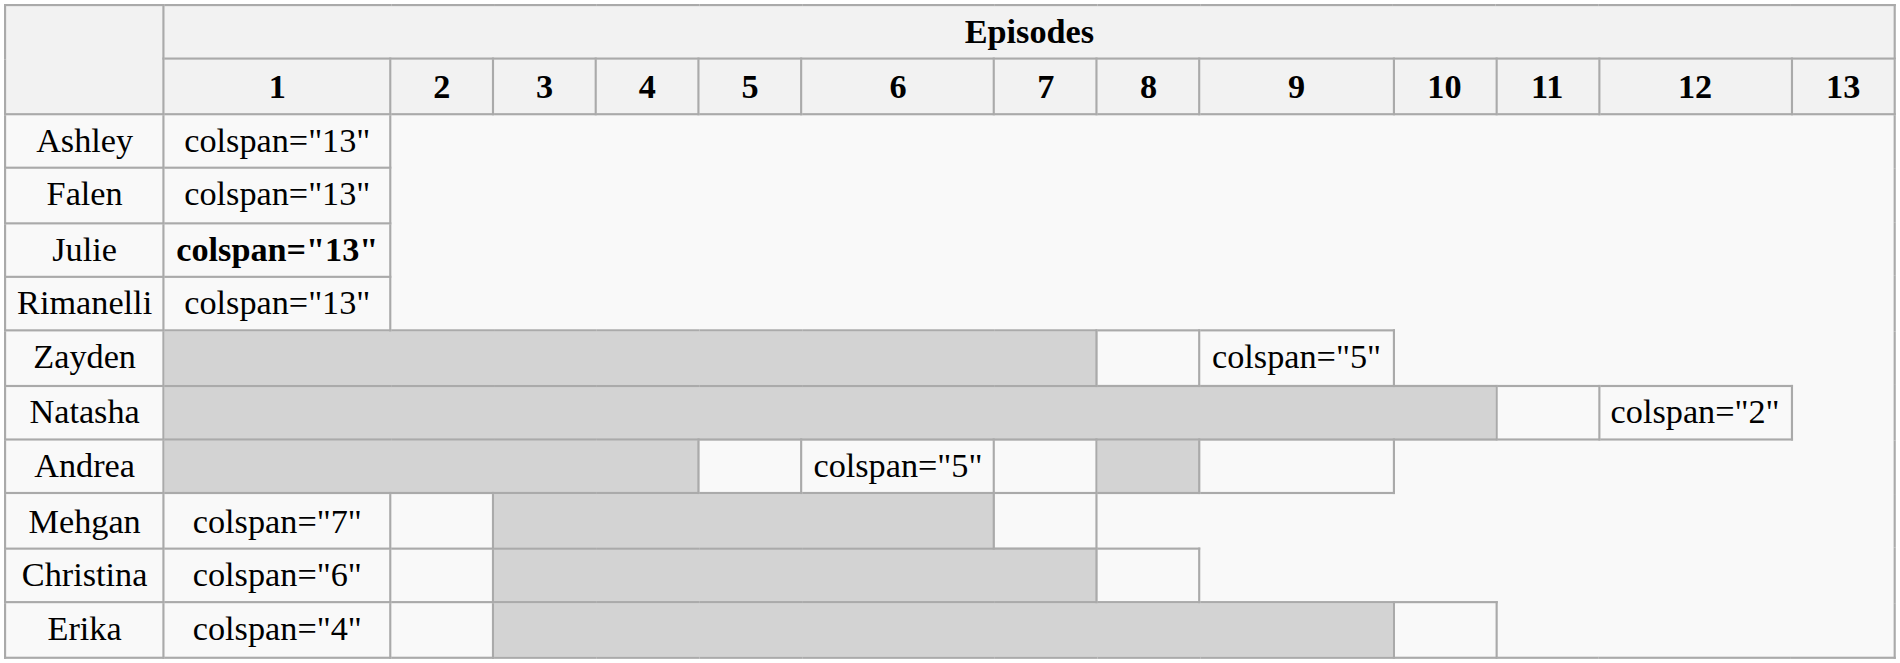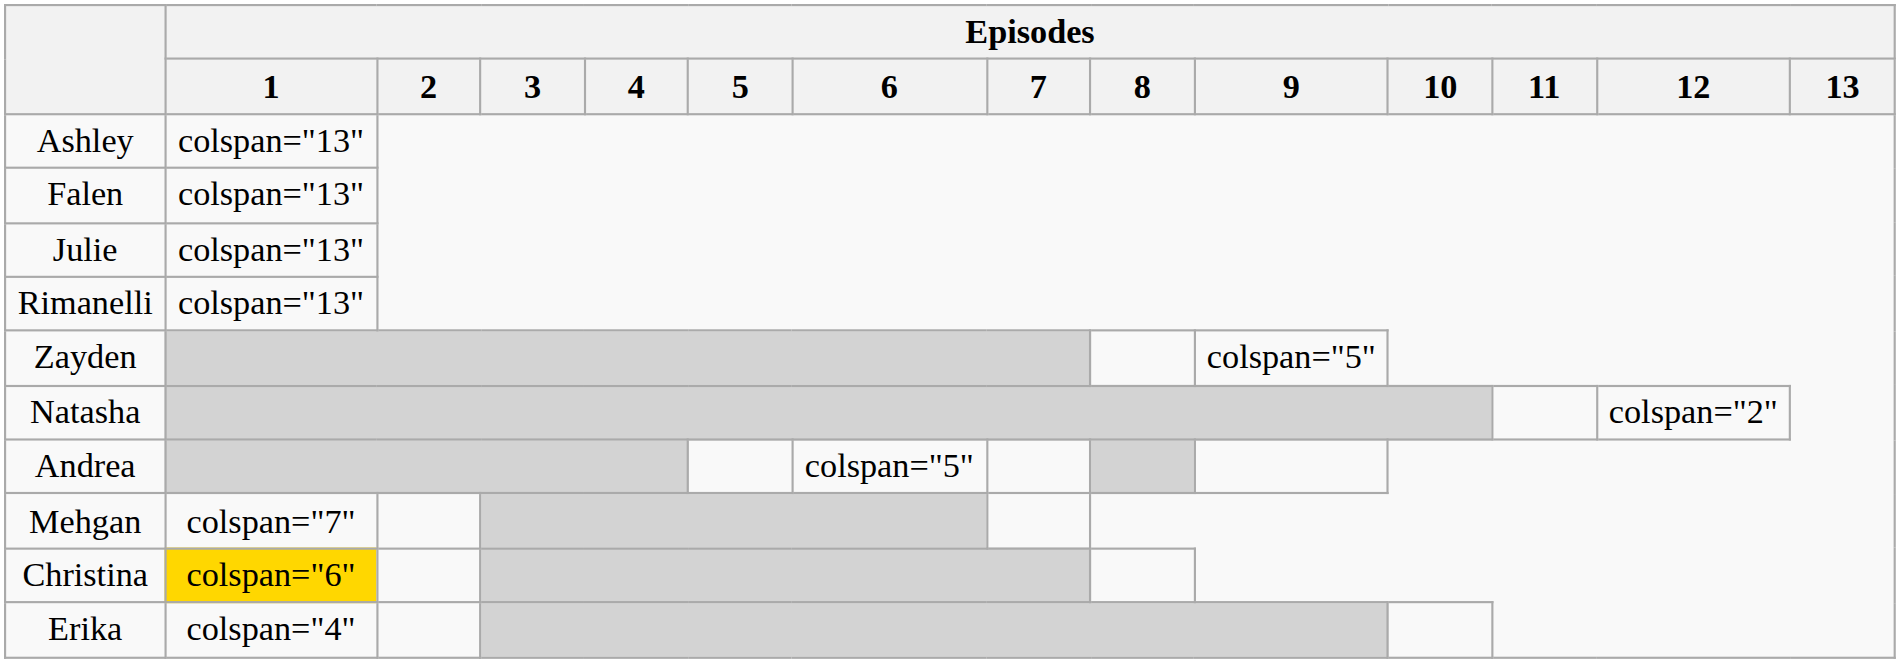 <table class="wikitable plainrowheaders" style="text-align:center; width:100%;">
 <tr>
 <th scope="col" rowspan="2" style="width:5%;"></th>
 <th scope="col" colspan="13">Episodes</th>
 </tr>
 <tr>
 <th scope="col" style="width:5%;">1</th>
 <th scope="col" style="width:5%;">2</th>
 <th scope="col" style="width:5%;">3</th>
 <th scope="col" style="width:5%;">4</th>
 <th scope="col" style="width:5%;">5</th>
 <th scope="col" style="width:5%;">6</th>
 <th scope="col" style="width:5%;">7</th>
 <th scope="col" style="width:5%;">8</th>
 <th scope="col" style="width:5%;">9</th>
 <th scope="col" style="width:5%;">10</th>
 <th scope="col" style="width:5%;">11</th>
 <th scope="col" style="width:5%;">12</th>
 <th scope="col" style="width:5%;">13</th>
 </tr>
 <tr>
 <td scope="row">Ashley</td>
 <td>colspan="13" </td>
 </tr>
 <tr>
 <td scope="row">Falen</td>
 <td>colspan="13" </td>
 </tr>
 <tr>
 <td scope="row">Julie</td>
-<td><strong>colspan="13" </strong></td>
+<td>colspan="13" </td>
 </tr>
 <tr>
 <td scope="row">Rimanelli</td>
 <td>colspan="13" </td>
 </tr>
 <tr>
 <td scope="row">Zayden</td>
 <td colspan="7" style="background:lightgray;"></td>
 <td></td>
 <td>colspan="5" </td>
 </tr>
 <tr>
 <td scope="row">Natasha</td>
 <td colspan="10" style="background:lightgray;"></td>
 <td></td>
 <td>colspan="2" </td>
 </tr>
 <tr>
 <td scope="row">Andrea</td>
 <td colspan="4" style="background:lightgray;"></td>
 <td></td>
 <td>colspan="5" </td>
 <td></td>
 <td colspan="1" style="background:lightgray;"></td>
 <td></td>
 </tr>
 <tr>
 <td scope="row">Mehgan</td>
 <td>colspan="7" </td>
 <td></td>
 <td colspan="4" style="background:lightgray;"></td>
 <td></td>
 </tr>
 <tr>
 <td scope="row">Christina</td>
-<td>colspan="6" </td>
+<td style="background: gold;">colspan="6" </td>
 <td></td>
 <td colspan="5" style="background:lightgray;"></td>
 <td></td>
 </tr>
 <tr>
 <td scope="row">Erika</td>
 <td>colspan="4" </td>
 <td></td>
 <td colspan="7" style="background:lightgray;"></td>
 <td></td>
 </tr>
 </table>
